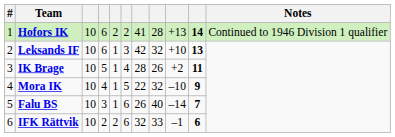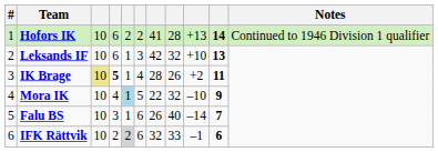 <table class="wikitable sortable">
 <tr>
 <th>#</th>
 <th>Team</th>
 <th></th>
 <th></th>
 <th></th>
 <th></th>
 <th></th>
 <th></th>
 <th></th>
 <th></th>
 <th>Notes</th>
 </tr>
 <tr style="background: #D0F0C0;">
 <td>1</td>
 <td style="font-weight:bold;"><a href='#'>Hofors IK</a></td>
 <td style="text-align: center;">10</td>
 <td style="text-align: center;">6</td>
 <td style="text-align: center;">2</td>
 <td style="text-align: center;">2</td>
 <td style="text-align: center;">41</td>
 <td style="text-align: center;">28</td>
 <td style="text-align: center;">+13</td>
 <td style="text-align: center; font-weight:bold;">14</td>
 <td>Continued to 1946 Division 1 qualifier</td>
 </tr>
 <tr>
 <td>2</td>
 <td style="font-weight:bold;"><a href='#'>Leksands IF</a></td>
 <td style="text-align: center;">10</td>
 <td style="text-align: center;">6</td>
 <td style="text-align: center;">1</td>
 <td style="text-align: center;">3</td>
 <td style="text-align: center;">42</td>
 <td style="text-align: center;">32</td>
 <td style="text-align: center;">+10</td>
 <td style="text-align: center; font-weight:bold;">13</td>
 </tr>
 <tr>
 <td>3</td>
 <td style="font-weight:bold;"><a href='#'>IK Brage</a></td>
-<td style="text-align: center;">10</td>
-<td style="text-align: center;">5</td>
+<td style="background: khaki; text-align: center;">10</td>
+<td style="text-align: center;"><strong>5</strong></td>
 <td style="text-align: center;">1</td>
 <td style="text-align: center;">4</td>
 <td style="text-align: center;">28</td>
 <td style="text-align: center;">26</td>
 <td style="text-align: center;">+2</td>
 <td style="text-align: center; font-weight:bold;">11</td>
 </tr>
 <tr>
 <td>4</td>
 <td style="font-weight:bold;"><a href='#'>Mora IK</a></td>
 <td style="text-align: center;">10</td>
 <td style="text-align: center;">4</td>
-<td style="text-align: center;">1</td>
+<td style="background: lightblue; text-align: center;">1</td>
 <td style="text-align: center;">5</td>
 <td style="text-align: center;">22</td>
 <td style="text-align: center;">32</td>
 <td style="text-align: center;">–10</td>
 <td style="text-align: center; font-weight:bold;">9</td>
 </tr>
 <tr>
 <td>5</td>
 <td style="font-weight:bold;"><a href='#'>Falu BS</a></td>
 <td style="text-align: center;">10</td>
 <td style="text-align: center;">3</td>
 <td style="text-align: center;">1</td>
 <td style="text-align: center;">6</td>
 <td style="text-align: center;">26</td>
 <td style="text-align: center;">40</td>
 <td style="text-align: center;">–14</td>
 <td style="text-align: center; font-weight:bold;">7</td>
 </tr>
 <tr>
 <td>6</td>
 <td style="font-weight:bold;"><a href='#'>IFK Rättvik</a></td>
 <td style="text-align: center;">10</td>
 <td style="text-align: center;">2</td>
-<td style="text-align: center;">2</td>
+<td style="background: lightgrey; text-align: center;">2</td>
 <td style="text-align: center;">6</td>
 <td style="text-align: center;">32</td>
 <td style="text-align: center;">33</td>
 <td style="text-align: center;">–1</td>
 <td style="text-align: center; font-weight:bold;">6</td>
 </tr>
 </table>
